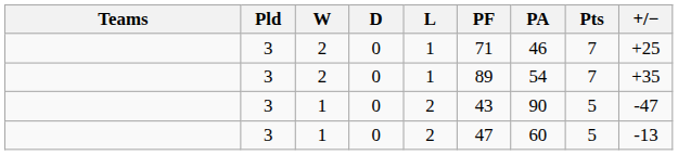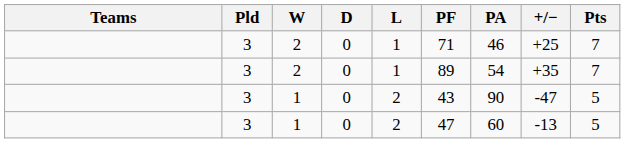 <table class="wikitable" style="text-align: center;">
 <tr>
 <th width="200">Teams</th>
 <th width="40">Pld</th>
 <th width="40">W</th>
 <th width="40">D</th>
 <th width="40">L</th>
 <th width="40">PF</th>
 <th width="40">PA</th>
+<th width="40">+/−</th>
 <th width="40">Pts</th>
-<th width="40">+/−</th>
 </tr>
 <tr>
 <td align=left></td>
 <td>3</td>
 <td>2</td>
 <td>0</td>
 <td>1</td>
 <td>71</td>
 <td>46</td>
+<td>+25</td>
 <td>7</td>
-<td>+25</td>
 </tr>
 <tr>
 <td align=left></td>
 <td>3</td>
 <td>2</td>
 <td>0</td>
 <td>1</td>
 <td>89</td>
 <td>54</td>
+<td>+35</td>
 <td>7</td>
-<td>+35</td>
 </tr>
 <tr>
 <td align=left></td>
 <td>3</td>
 <td>1</td>
 <td>0</td>
 <td>2</td>
 <td>43</td>
 <td>90</td>
+<td>-47</td>
 <td>5</td>
-<td>-47</td>
 </tr>
 <tr>
 <td align=left></td>
 <td>3</td>
 <td>1</td>
 <td>0</td>
 <td>2</td>
 <td>47</td>
 <td>60</td>
+<td>-13</td>
 <td>5</td>
-<td>-13</td>
 </tr>
 </table>
